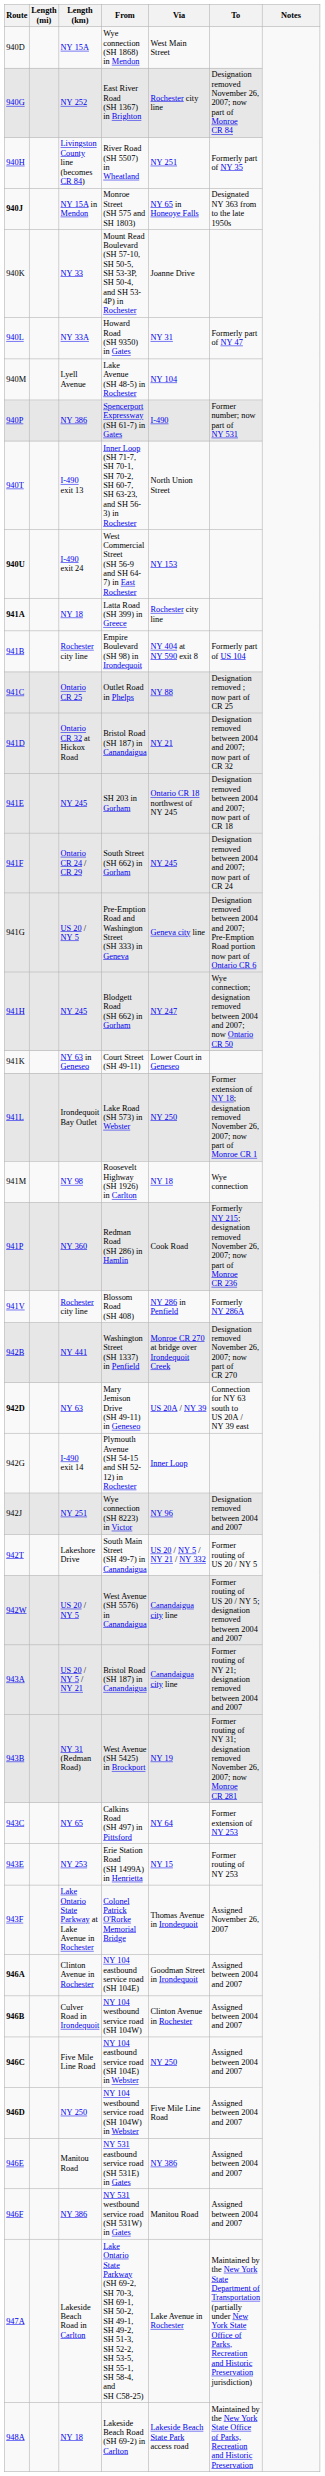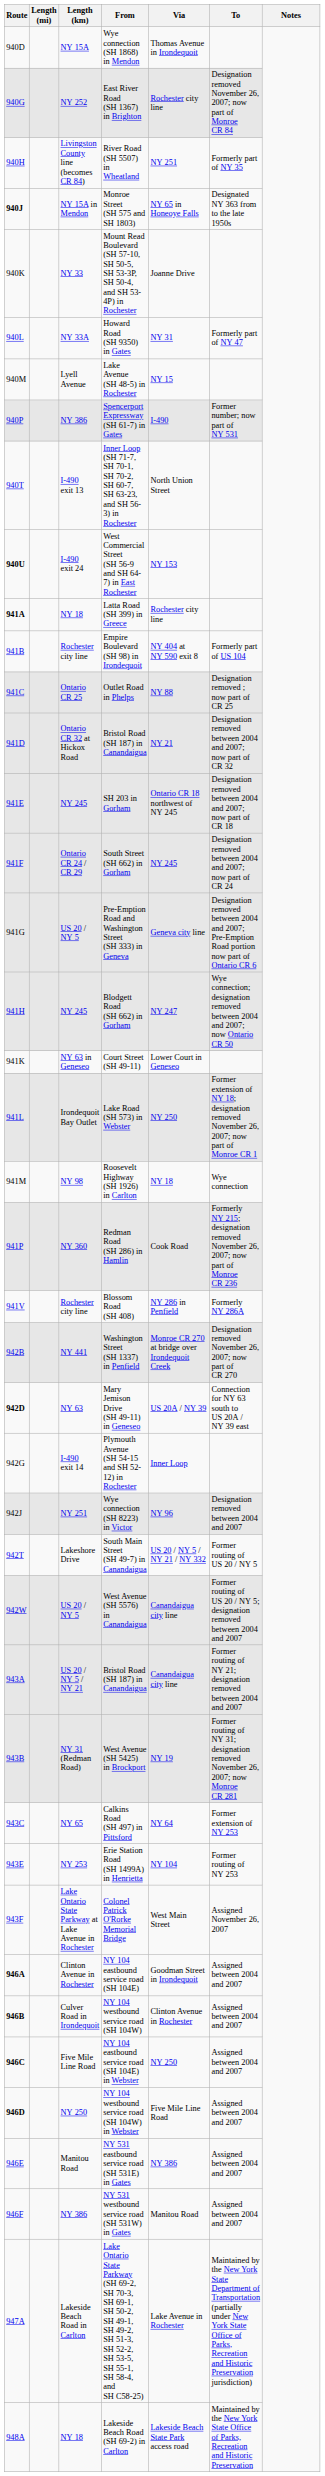 <table class="wikitable sortable">
 <tr>
 <th>Route</th>
 <th>Length<br>(mi)</th>
 <th>Length<br>(km)</th>
 <th>From</th>
 <th width="20%">Via</th>
 <th>To</th>
 <th width="20%">Notes</th>
 </tr>
 <tr>
 <td id="40D">940D</td>
 <td></td>
 <td><a href='#'>NY&nbsp;15A</a></td>
 <td>Wye connection (SH 1868) in <a href='#'>Mendon</a></td>
-<td>West Main Street</td>
+<td>Thomas Avenue in <a href='#'>Irondequoit</a></td>
 <td></td>
 </tr>
 <tr style="background-color:#e7e7e7">
 <td><a href='#'>940G</a></td>
 <td></td>
 <td><a href='#'>NY&nbsp;252</a></td>
 <td>East River Road (SH 1367) in <a href='#'>Brighton</a></td>
 <td><a href='#'>Rochester</a> city line</td>
 <td>Designation removed November 26, 2007; now part of <a href='#'>Monroe CR 84</a></td>
 </tr>
 <tr>
 <td><a href='#'>940H</a></td>
 <td></td>
 <td><a href='#'>Livingston County</a> line (becomes <a href='#'>CR 84</a>)</td>
 <td>River Road (SH 5507) in <a href='#'>Wheatland</a></td>
 <td><a href='#'>NY&nbsp;251</a></td>
 <td>Formerly part of <a href='#'>NY 35</a></td>
 </tr>
 <tr>
 <td id="40J"><strong>940J</strong></td>
 <td></td>
 <td><a href='#'>NY&nbsp;15A</a> in <a href='#'>Mendon</a></td>
 <td>Monroe Street (SH 575 and SH 1803)</td>
 <td><a href='#'>NY&nbsp;65</a> in <a href='#'>Honeoye Falls</a></td>
 <td>Designated NY 363 from  to the late 1950s</td>
 </tr>
 <tr>
 <td id="40K">940K</td>
 <td></td>
 <td><a href='#'>NY&nbsp;33</a></td>
 <td>Mount Read Boulevard (SH 57-10, SH 50-5, SH 53-3P, SH 50-4, and SH 53-4P) in <a href='#'>Rochester</a></td>
 <td>Joanne Drive</td>
 <td></td>
 </tr>
 <tr>
 <td><a href='#'>940L</a></td>
 <td></td>
 <td><a href='#'>NY&nbsp;33A</a></td>
 <td>Howard Road (SH 9350) in <a href='#'>Gates</a></td>
 <td><a href='#'>NY&nbsp;31</a></td>
 <td>Formerly part of <a href='#'>NY&nbsp;47</a></td>
 </tr>
 <tr>
 <td id="40M">940M</td>
 <td></td>
 <td>Lyell Avenue</td>
 <td>Lake Avenue (SH 48-5) in <a href='#'>Rochester</a></td>
-<td><a href='#'>NY&nbsp;104</a></td>
+<td><a href='#'>NY&nbsp;15</a></td>
 <td></td>
 </tr>
 <tr style="background-color:#e7e7e7">
 <td><a href='#'>940P</a></td>
 <td></td>
 <td><a href='#'>NY&nbsp;386</a></td>
 <td><a href='#'>Spencerport Expressway</a> (SH 61-7) in <a href='#'>Gates</a></td>
 <td><a href='#'>I-490</a></td>
 <td>Former number; now part of <a href='#'>NY&nbsp;531</a></td>
 </tr>
 <tr>
 <td><a href='#'>940T</a></td>
 <td></td>
 <td><a href='#'>I-490</a> exit 13</td>
 <td><a href='#'>Inner Loop</a> (SH 71-7, SH 70-1, SH 70-2, SH 60-7, SH 63-23, and SH 56-3) in <a href='#'>Rochester</a></td>
 <td>North Union Street</td>
 <td></td>
 </tr>
 <tr>
 <td id="40U"><strong>940U</strong></td>
 <td></td>
 <td><a href='#'>I-490</a> exit 24</td>
 <td>West Commercial Street (SH 56-9 and SH 64-7) in <a href='#'>East Rochester</a></td>
 <td><a href='#'>NY&nbsp;153</a></td>
 <td></td>
 </tr>
 <tr>
 <td id="41A"><strong>941A</strong></td>
 <td></td>
 <td><a href='#'>NY&nbsp;18</a></td>
 <td>Latta Road (SH 399) in <a href='#'>Greece</a></td>
 <td><a href='#'>Rochester</a> city line</td>
 <td></td>
 </tr>
 <tr>
 <td><a href='#'>941B</a></td>
 <td></td>
 <td><a href='#'>Rochester</a> city line</td>
 <td>Empire Boulevard (SH 98) in <a href='#'>Irondequoit</a></td>
 <td><a href='#'>NY&nbsp;404</a> at <a href='#'>NY&nbsp;590</a> exit 8</td>
 <td>Formerly part of <a href='#'>US&nbsp;104</a></td>
 </tr>
 <tr style="background-color:#e7e7e7">
 <td id="41C"><a href='#'>941C</a></td>
 <td></td>
 <td><a href='#'>Ontario CR 25</a></td>
 <td>Outlet Road in <a href='#'>Phelps</a></td>
 <td><a href='#'>NY&nbsp;88</a></td>
 <td>Designation removed ; now part of CR 25</td>
 </tr>
 <tr style="background-color:#e7e7e7">
 <td id="41D"><a href='#'>941D</a></td>
 <td></td>
 <td><a href='#'>Ontario CR 32</a> at Hickox Road</td>
 <td>Bristol Road (SH 187) in <a href='#'>Canandaigua</a></td>
 <td><a href='#'>NY&nbsp;21</a></td>
 <td>Designation removed between 2004 and 2007; now part of CR 32</td>
 </tr>
 <tr style="background-color:#e7e7e7">
 <td id="41E"><a href='#'>941E</a></td>
 <td></td>
 <td><a href='#'>NY&nbsp;245</a></td>
 <td>SH 203 in <a href='#'>Gorham</a></td>
 <td><a href='#'>Ontario CR 18</a> northwest of NY 245</td>
 <td>Designation removed between 2004 and 2007; now part of CR 18</td>
 </tr>
 <tr style="background-color:#e7e7e7">
 <td id="41F"><a href='#'>941F</a></td>
 <td></td>
 <td><a href='#'>Ontario CR 24</a> / <a href='#'>CR 29</a></td>
 <td>South Street (SH 662) in <a href='#'>Gorham</a></td>
 <td><a href='#'>NY&nbsp;245</a></td>
 <td>Designation removed between 2004 and 2007; now part of CR 24</td>
 </tr>
 <tr style="background-color:#e7e7e7">
 <td id="41G">941G</td>
 <td></td>
 <td><a href='#'>US 20</a> / <a href='#'>NY&nbsp;5</a></td>
 <td>Pre-Emption Road and Washington Street (SH 333) in <a href='#'>Geneva</a></td>
 <td><a href='#'>Geneva city</a> line</td>
 <td>Designation removed between 2004 and 2007; Pre-Emption Road portion now part of <a href='#'>Ontario CR 6</a></td>
 </tr>
 <tr style="background-color:#e7e7e7">
 <td id="41H"><a href='#'>941H</a></td>
 <td></td>
 <td><a href='#'>NY&nbsp;245</a></td>
 <td>Blodgett Road (SH 662) in <a href='#'>Gorham</a></td>
 <td><a href='#'>NY&nbsp;247</a></td>
 <td>Wye connection; designation removed between 2004 and 2007; now <a href='#'>Ontario CR 50</a></td>
 </tr>
 <tr>
 <td id="41K">941K</td>
 <td></td>
 <td><a href='#'>NY&nbsp;63</a> in <a href='#'>Geneseo</a></td>
 <td>Court Street (SH 49-11)</td>
 <td>Lower Court in <a href='#'>Geneseo</a></td>
 <td></td>
 </tr>
 <tr style="background-color:#e7e7e7">
 <td><a href='#'>941L</a></td>
 <td></td>
 <td>Irondequoit Bay Outlet</td>
 <td>Lake Road (SH 573) in <a href='#'>Webster</a></td>
 <td><a href='#'>NY&nbsp;250</a></td>
 <td>Former extension of <a href='#'>NY&nbsp;18</a>; designation removed November 26, 2007; now part of <a href='#'>Monroe CR 1</a></td>
 </tr>
 <tr>
 <td id="41M">941M</td>
 <td></td>
 <td><a href='#'>NY&nbsp;98</a></td>
 <td>Roosevelt Highway (SH 1926) in <a href='#'>Carlton</a></td>
 <td><a href='#'>NY&nbsp;18</a></td>
 <td>Wye connection</td>
 </tr>
 <tr style="background-color:#e7e7e7">
 <td><a href='#'>941P</a></td>
 <td></td>
 <td><a href='#'>NY&nbsp;360</a></td>
 <td>Redman Road (SH 286) in <a href='#'>Hamlin</a></td>
 <td>Cook Road</td>
 <td>Formerly <a href='#'>NY 215</a>; designation removed November 26, 2007; now part of <a href='#'>Monroe CR 236</a></td>
 </tr>
 <tr>
 <td><a href='#'>941V</a></td>
 <td></td>
 <td><a href='#'>Rochester</a> city line</td>
 <td>Blossom Road (SH 408)</td>
 <td><a href='#'>NY&nbsp;286</a> in <a href='#'>Penfield</a></td>
 <td>Formerly <a href='#'>NY&nbsp;286A</a></td>
 </tr>
 <tr style="background-color:#e7e7e7">
 <td><a href='#'>942B</a></td>
 <td></td>
 <td><a href='#'>NY&nbsp;441</a></td>
 <td>Washington Street (SH 1337) in <a href='#'>Penfield</a></td>
 <td><a href='#'>Monroe CR 270</a> at bridge over <a href='#'>Irondequoit Creek</a></td>
 <td>Designation removed November 26, 2007; now part of CR 270</td>
 </tr>
 <tr>
 <td><strong>942D</strong></td>
 <td></td>
 <td><a href='#'>NY&nbsp;63</a></td>
 <td>Mary Jemison Drive (SH 49-11) in <a href='#'>Geneseo</a></td>
 <td><a href='#'>US 20A</a> / <a href='#'>NY&nbsp;39</a></td>
 <td>Connection for NY 63 south to US 20A / NY 39 east</td>
 </tr>
 <tr>
 <td id="42G">942G</td>
 <td></td>
 <td><a href='#'>I-490</a> exit 14</td>
 <td>Plymouth Avenue (SH 54-15 and SH 52-12) in <a href='#'>Rochester</a></td>
 <td><a href='#'>Inner Loop</a></td>
 <td></td>
 </tr>
 <tr style="background-color:#e7e7e7">
 <td id="42J">942J</td>
 <td></td>
 <td><a href='#'>NY&nbsp;251</a></td>
 <td>Wye connection (SH 8223) in <a href='#'>Victor</a></td>
 <td><a href='#'>NY&nbsp;96</a></td>
 <td>Designation removed between 2004 and 2007</td>
 </tr>
 <tr>
 <td><a href='#'>942T</a></td>
 <td></td>
 <td>Lakeshore Drive</td>
 <td>South Main Street (SH 49-7) in <a href='#'>Canandaigua</a></td>
 <td><a href='#'>US 20</a> / <a href='#'>NY&nbsp;5</a> / <a href='#'>NY&nbsp;21</a> / <a href='#'>NY&nbsp;332</a></td>
 <td>Former routing of US 20 / NY 5</td>
 </tr>
 <tr style="background-color:#e7e7e7">
 <td><a href='#'>942W</a></td>
 <td></td>
 <td><a href='#'>US 20</a> / <a href='#'>NY&nbsp;5</a></td>
 <td>West Avenue (SH 5576) in <a href='#'>Canandaigua</a></td>
 <td><a href='#'>Canandaigua city</a> line</td>
 <td>Former routing of US 20 / NY 5; designation removed between 2004 and 2007</td>
 </tr>
 <tr style="background-color:#e7e7e7">
 <td><a href='#'>943A</a></td>
 <td></td>
 <td><a href='#'>US 20</a> / <a href='#'>NY&nbsp;5</a> / <a href='#'>NY&nbsp;21</a></td>
 <td>Bristol Road (SH 187) in <a href='#'>Canandaigua</a></td>
 <td><a href='#'>Canandaigua city</a> line</td>
 <td>Former routing of NY 21; designation removed between 2004 and 2007</td>
 </tr>
 <tr style="background-color:#e7e7e7">
 <td><a href='#'>943B</a></td>
 <td></td>
 <td><a href='#'>NY&nbsp;31</a> (Redman Road)</td>
 <td>West Avenue (SH 5425) in <a href='#'>Brockport</a></td>
 <td><a href='#'>NY&nbsp;19</a></td>
 <td>Former routing of NY 31; designation removed November 26, 2007; now <a href='#'>Monroe CR 281</a></td>
 </tr>
 <tr>
 <td><a href='#'>943C</a></td>
 <td></td>
 <td><a href='#'>NY&nbsp;65</a></td>
 <td>Calkins Road (SH 497) in <a href='#'>Pittsford</a></td>
 <td><a href='#'>NY&nbsp;64</a></td>
 <td>Former extension of <a href='#'>NY&nbsp;253</a></td>
 </tr>
 <tr>
 <td><a href='#'>943E</a></td>
 <td></td>
 <td><a href='#'>NY&nbsp;253</a></td>
 <td>Erie Station Road (SH 1499A) in <a href='#'>Henrietta</a></td>
-<td><a href='#'>NY&nbsp;15</a></td>
+<td><a href='#'>NY&nbsp;104</a></td>
 <td>Former routing of NY 253</td>
 </tr>
 <tr>
 <td><a href='#'>943F</a></td>
 <td></td>
 <td><a href='#'>Lake Ontario State Parkway</a> at Lake Avenue in <a href='#'>Rochester</a></td>
 <td><a href='#'>Colonel Patrick O'Rorke Memorial Bridge</a></td>
-<td>Thomas Avenue in <a href='#'>Irondequoit</a></td>
+<td>West Main Street</td>
 <td>Assigned November 26, 2007</td>
 </tr>
 <tr>
 <td id="46A"><strong>946A</strong></td>
 <td></td>
 <td>Clinton Avenue in <a href='#'>Rochester</a></td>
 <td><a href='#'>NY&nbsp;104</a> eastbound service road (SH 104E)</td>
 <td>Goodman Street in <a href='#'>Irondequoit</a></td>
 <td>Assigned between 2004 and 2007</td>
 </tr>
 <tr>
 <td id="46B"><strong>946B</strong></td>
 <td></td>
 <td>Culver Road in <a href='#'>Irondequoit</a></td>
 <td><a href='#'>NY&nbsp;104</a> westbound service road (SH 104W)</td>
 <td>Clinton Avenue in <a href='#'>Rochester</a></td>
 <td>Assigned between 2004 and 2007</td>
 </tr>
 <tr>
 <td id="46C"><strong>946C</strong></td>
 <td></td>
 <td>Five Mile Line Road</td>
 <td><a href='#'>NY&nbsp;104</a> eastbound service road (SH 104E) in <a href='#'>Webster</a></td>
 <td><a href='#'>NY&nbsp;250</a></td>
 <td>Assigned between 2004 and 2007</td>
 </tr>
 <tr>
 <td id="46D"><strong>946D</strong></td>
 <td></td>
 <td><a href='#'>NY&nbsp;250</a></td>
 <td><a href='#'>NY&nbsp;104</a> westbound service road (SH 104W) in <a href='#'>Webster</a></td>
 <td>Five Mile Line Road</td>
 <td>Assigned between 2004 and 2007</td>
 </tr>
 <tr>
 <td id="46E"><a href='#'>946E</a></td>
 <td></td>
 <td>Manitou Road</td>
 <td><a href='#'>NY&nbsp;531</a> eastbound service road (SH 531E) in <a href='#'>Gates</a></td>
 <td><a href='#'>NY&nbsp;386</a></td>
 <td>Assigned between 2004 and 2007</td>
 </tr>
 <tr>
 <td id="46F"><a href='#'>946F</a></td>
 <td></td>
 <td><a href='#'>NY&nbsp;386</a></td>
 <td><a href='#'>NY&nbsp;531</a> westbound service road (SH 531W) in <a href='#'>Gates</a></td>
 <td>Manitou Road</td>
 <td>Assigned between 2004 and 2007</td>
 </tr>
 <tr>
 <td id="47A"><a href='#'>947A</a></td>
 <td></td>
 <td>Lakeside Beach Road in <a href='#'>Carlton</a></td>
 <td><a href='#'>Lake Ontario State Parkway</a> (SH 69-2, SH 70-3, SH 69-1, SH 50-2, SH 49-1, SH 49-2, SH 51-3, SH 52-2, SH 53-5, SH 55-1, SH 58-4, and SH C58-25)</td>
 <td>Lake Avenue in <a href='#'>Rochester</a></td>
 <td>Maintained by the <a href='#'>New York State Department of Transportation</a> (partially under <a href='#'>New York State Office of Parks, Recreation and Historic Preservation</a> jurisdiction)</td>
 </tr>
 <tr>
 <td id="48A"><a href='#'>948A</a></td>
 <td></td>
 <td><a href='#'>NY&nbsp;18</a></td>
 <td>Lakeside Beach Road (SH 69-2) in <a href='#'>Carlton</a></td>
 <td><a href='#'>Lakeside Beach State Park</a> access road</td>
 <td>Maintained by the <a href='#'>New York State Office of Parks, Recreation and Historic Preservation</a></td>
 </tr>
 </table>
